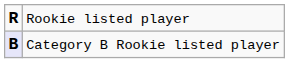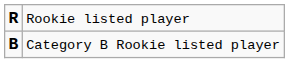 <table class="wikitable">
 <tr>
 <td><span><strong>R</strong></span></td>
 <td><small>Rookie listed player</small></td>
 </tr>
 <tr>
-<td style="background: lavender;"><span><strong>B</strong></span></td>
+<td><span><strong>B</strong></span></td>
 <td><small>Category B Rookie listed player</small></td>
 </tr>
 </table>
